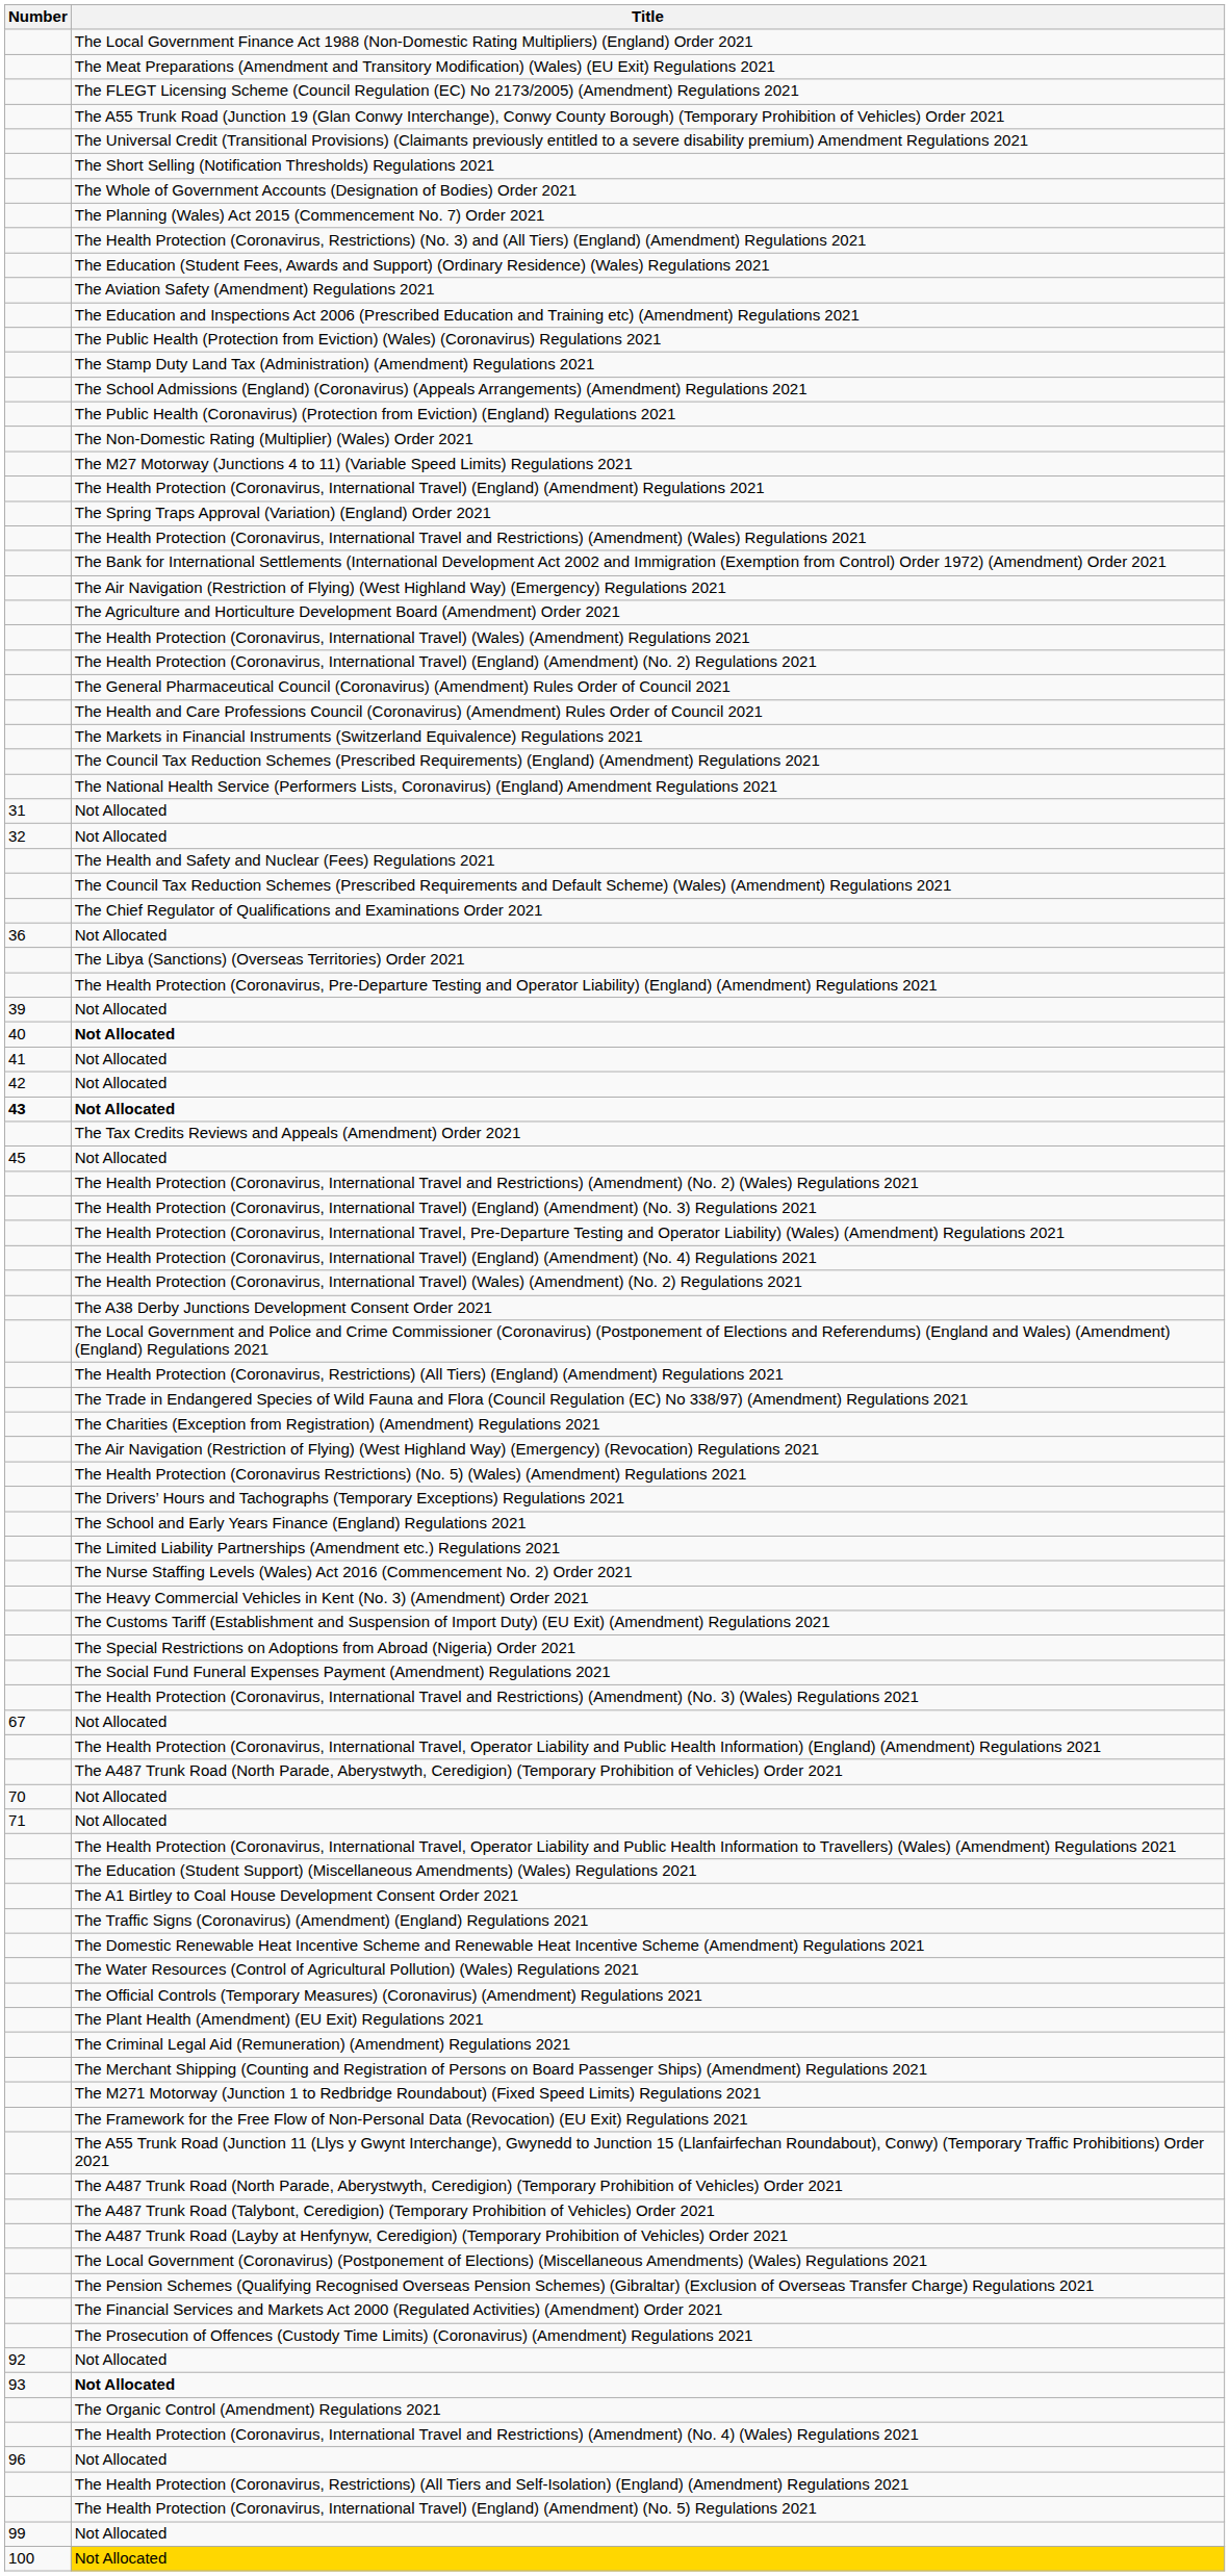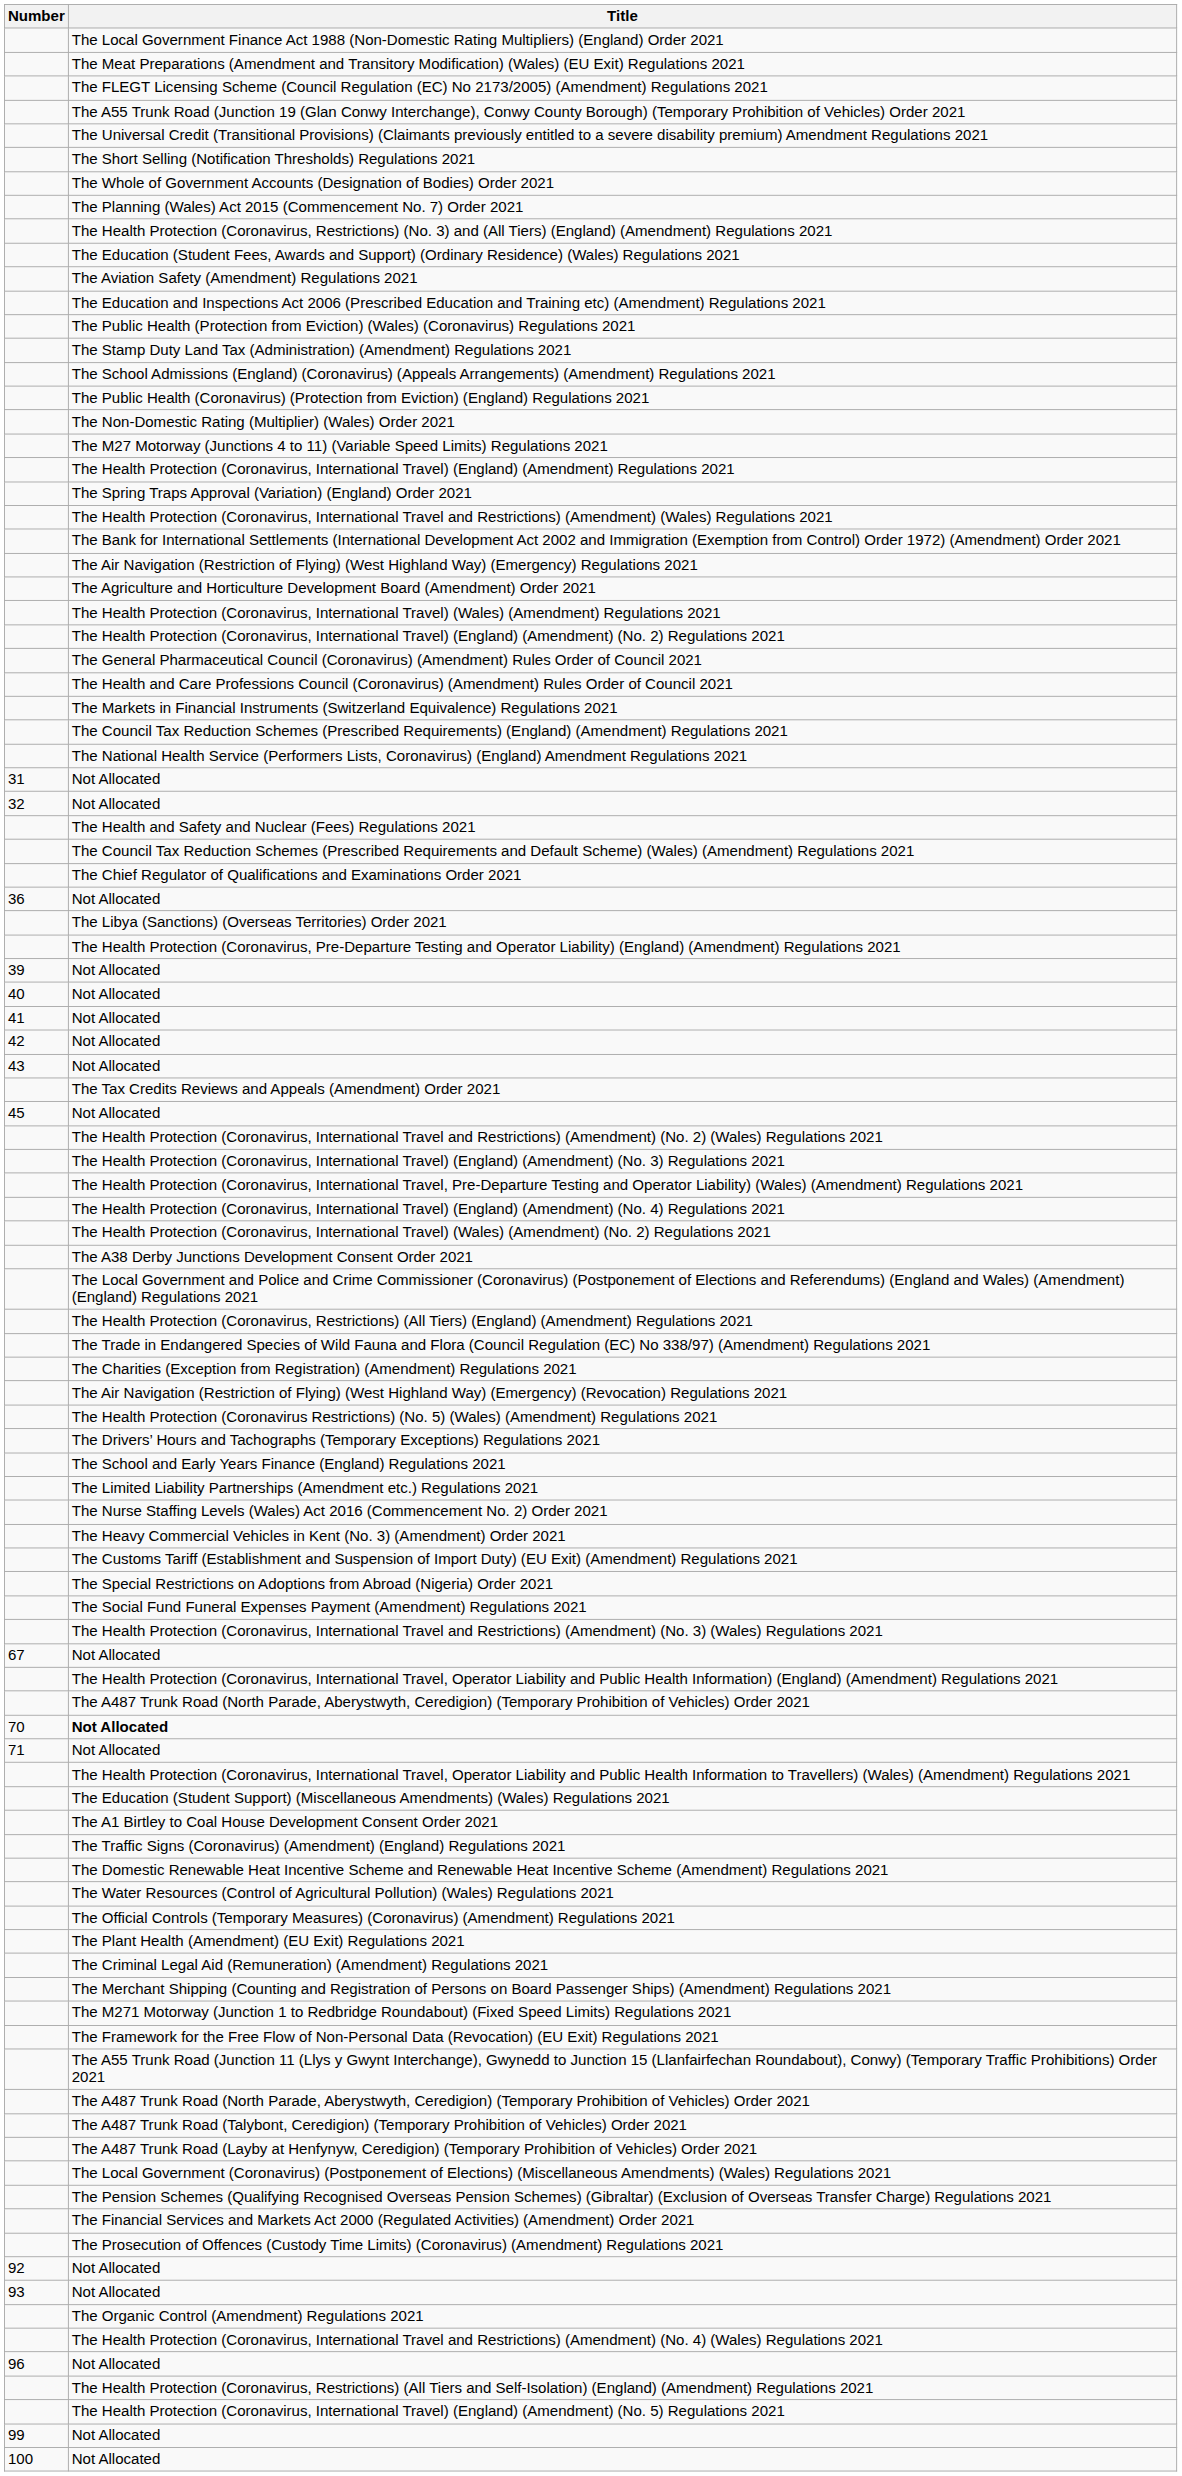 <table class="wikitable collapsible">
 <tr>
 <th>Number</th>
 <th>Title</th>
 </tr>
 <tr>
 <td></td>
 <td>The Local Government Finance Act 1988 (Non-Domestic Rating Multipliers) (England) Order 2021</td>
 </tr>
 <tr>
 <td></td>
 <td>The Meat Preparations (Amendment and Transitory Modification) (Wales) (EU Exit) Regulations 2021</td>
 </tr>
 <tr>
 <td></td>
 <td>The FLEGT Licensing Scheme (Council Regulation (EC) No 2173/2005) (Amendment) Regulations 2021</td>
 </tr>
 <tr>
 <td></td>
 <td>The A55 Trunk Road (Junction 19 (Glan Conwy Interchange), Conwy County Borough) (Temporary Prohibition of Vehicles) Order 2021</td>
 </tr>
 <tr>
 <td></td>
 <td>The Universal Credit (Transitional Provisions) (Claimants previously entitled to a severe disability premium) Amendment Regulations 2021</td>
 </tr>
 <tr>
 <td></td>
 <td>The Short Selling (Notification Thresholds) Regulations 2021</td>
 </tr>
 <tr>
 <td></td>
 <td>The Whole of Government Accounts (Designation of Bodies) Order 2021</td>
 </tr>
 <tr>
 <td></td>
 <td>The Planning (Wales) Act 2015 (Commencement No. 7) Order 2021</td>
 </tr>
 <tr>
 <td></td>
 <td>The Health Protection (Coronavirus, Restrictions) (No. 3) and (All Tiers) (England) (Amendment) Regulations 2021</td>
 </tr>
 <tr>
 <td></td>
 <td>The Education (Student Fees, Awards and Support) (Ordinary Residence) (Wales) Regulations 2021</td>
 </tr>
 <tr>
 <td></td>
 <td>The Aviation Safety (Amendment) Regulations 2021</td>
 </tr>
 <tr>
 <td></td>
 <td>The Education and Inspections Act 2006 (Prescribed Education and Training etc) (Amendment) Regulations 2021</td>
 </tr>
 <tr>
 <td></td>
 <td>The Public Health (Protection from Eviction) (Wales) (Coronavirus) Regulations 2021</td>
 </tr>
 <tr>
 <td></td>
 <td>The Stamp Duty Land Tax (Administration) (Amendment) Regulations 2021</td>
 </tr>
 <tr>
 <td></td>
 <td>The School Admissions (England) (Coronavirus) (Appeals Arrangements) (Amendment) Regulations 2021</td>
 </tr>
 <tr>
 <td></td>
 <td>The Public Health (Coronavirus) (Protection from Eviction) (England) Regulations 2021</td>
 </tr>
 <tr>
 <td></td>
 <td>The Non-Domestic Rating (Multiplier) (Wales) Order 2021</td>
 </tr>
 <tr>
 <td></td>
 <td>The M27 Motorway (Junctions 4 to 11) (Variable Speed Limits) Regulations 2021</td>
 </tr>
 <tr>
 <td></td>
 <td>The Health Protection (Coronavirus, International Travel) (England) (Amendment) Regulations 2021</td>
 </tr>
 <tr>
 <td></td>
 <td>The Spring Traps Approval (Variation) (England) Order 2021</td>
 </tr>
 <tr>
 <td></td>
 <td>The Health Protection (Coronavirus, International Travel and Restrictions) (Amendment) (Wales) Regulations 2021</td>
 </tr>
 <tr>
 <td></td>
 <td>The Bank for International Settlements (International Development Act 2002 and Immigration (Exemption from Control) Order 1972) (Amendment) Order 2021</td>
 </tr>
 <tr>
 <td></td>
 <td>The Air Navigation (Restriction of Flying) (West Highland Way) (Emergency) Regulations 2021</td>
 </tr>
 <tr>
 <td></td>
 <td>The Agriculture and Horticulture Development Board (Amendment) Order 2021</td>
 </tr>
 <tr>
 <td></td>
 <td>The Health Protection (Coronavirus, International Travel) (Wales) (Amendment) Regulations 2021</td>
 </tr>
 <tr>
 <td></td>
 <td>The Health Protection (Coronavirus, International Travel) (England) (Amendment) (No. 2) Regulations 2021</td>
 </tr>
 <tr>
 <td></td>
 <td>The General Pharmaceutical Council (Coronavirus) (Amendment) Rules Order of Council 2021</td>
 </tr>
 <tr>
 <td></td>
 <td>The Health and Care Professions Council (Coronavirus) (Amendment) Rules Order of Council 2021</td>
 </tr>
 <tr>
 <td></td>
 <td>The Markets in Financial Instruments (Switzerland Equivalence) Regulations 2021</td>
 </tr>
 <tr>
 <td></td>
 <td>The Council Tax Reduction Schemes (Prescribed Requirements) (England) (Amendment) Regulations 2021</td>
 </tr>
 <tr>
 <td></td>
 <td>The National Health Service (Performers Lists, Coronavirus) (England) Amendment Regulations 2021</td>
 </tr>
 <tr>
 <td>31</td>
 <td>Not Allocated</td>
 </tr>
 <tr>
 <td>32</td>
 <td>Not Allocated</td>
 </tr>
 <tr>
 <td></td>
 <td>The Health and Safety and Nuclear (Fees) Regulations 2021</td>
 </tr>
 <tr>
 <td></td>
 <td>The Council Tax Reduction Schemes (Prescribed Requirements and Default Scheme) (Wales) (Amendment) Regulations 2021</td>
 </tr>
 <tr>
 <td></td>
 <td>The Chief Regulator of Qualifications and Examinations Order 2021</td>
 </tr>
 <tr>
 <td>36</td>
 <td>Not Allocated</td>
 </tr>
 <tr>
 <td></td>
 <td>The Libya (Sanctions) (Overseas Territories) Order 2021</td>
 </tr>
 <tr>
 <td></td>
 <td>The Health Protection (Coronavirus, Pre-Departure Testing and Operator Liability) (England) (Amendment) Regulations 2021</td>
 </tr>
 <tr>
 <td>39</td>
 <td>Not Allocated</td>
 </tr>
 <tr>
 <td>40</td>
-<td><strong>Not Allocated</strong></td>
+<td>Not Allocated</td>
 </tr>
 <tr>
 <td>41</td>
 <td>Not Allocated</td>
 </tr>
 <tr>
 <td>42</td>
 <td>Not Allocated</td>
 </tr>
 <tr>
-<td><strong>43</strong></td>
-<td><strong>Not Allocated</strong></td>
+<td>43</td>
+<td>Not Allocated</td>
 </tr>
 <tr>
 <td></td>
 <td>The Tax Credits Reviews and Appeals (Amendment) Order 2021</td>
 </tr>
 <tr>
 <td>45</td>
 <td>Not Allocated</td>
 </tr>
 <tr>
 <td></td>
 <td>The Health Protection (Coronavirus, International Travel and Restrictions) (Amendment) (No. 2) (Wales) Regulations 2021</td>
 </tr>
 <tr>
 <td></td>
 <td>The Health Protection (Coronavirus, International Travel) (England) (Amendment) (No. 3) Regulations 2021</td>
 </tr>
 <tr>
 <td></td>
 <td>The Health Protection (Coronavirus, International Travel, Pre-Departure Testing and Operator Liability) (Wales) (Amendment) Regulations 2021</td>
 </tr>
 <tr>
 <td></td>
 <td>The Health Protection (Coronavirus, International Travel) (England) (Amendment) (No. 4) Regulations 2021</td>
 </tr>
 <tr>
 <td></td>
 <td>The Health Protection (Coronavirus, International Travel) (Wales) (Amendment) (No. 2) Regulations 2021</td>
 </tr>
 <tr>
 <td></td>
 <td>The A38 Derby Junctions Development Consent Order 2021</td>
 </tr>
 <tr>
 <td></td>
 <td>The Local Government and Police and Crime Commissioner (Coronavirus) (Postponement of Elections and Referendums) (England and Wales) (Amendment) (England) Regulations 2021</td>
 </tr>
 <tr>
 <td></td>
 <td>The Health Protection (Coronavirus, Restrictions) (All Tiers) (England) (Amendment) Regulations 2021</td>
 </tr>
 <tr>
 <td></td>
 <td>The Trade in Endangered Species of Wild Fauna and Flora (Council Regulation (EC) No 338/97) (Amendment) Regulations 2021</td>
 </tr>
 <tr>
 <td></td>
 <td>The Charities (Exception from Registration) (Amendment) Regulations 2021</td>
 </tr>
 <tr>
 <td></td>
 <td>The Air Navigation (Restriction of Flying) (West Highland Way) (Emergency) (Revocation) Regulations 2021</td>
 </tr>
 <tr>
 <td></td>
 <td>The Health Protection (Coronavirus Restrictions) (No. 5) (Wales) (Amendment) Regulations 2021</td>
 </tr>
 <tr>
 <td></td>
 <td>The Drivers’ Hours and Tachographs (Temporary Exceptions) Regulations 2021</td>
 </tr>
 <tr>
 <td></td>
 <td>The School and Early Years Finance (England) Regulations 2021</td>
 </tr>
 <tr>
 <td></td>
 <td>The Limited Liability Partnerships (Amendment etc.) Regulations 2021</td>
 </tr>
 <tr>
 <td></td>
 <td>The Nurse Staffing Levels (Wales) Act 2016 (Commencement No. 2) Order 2021</td>
 </tr>
 <tr>
 <td></td>
 <td>The Heavy Commercial Vehicles in Kent (No. 3) (Amendment) Order 2021</td>
 </tr>
 <tr>
 <td></td>
 <td>The Customs Tariff (Establishment and Suspension of Import Duty) (EU Exit) (Amendment) Regulations 2021</td>
 </tr>
 <tr>
 <td></td>
 <td>The Special Restrictions on Adoptions from Abroad (Nigeria) Order 2021</td>
 </tr>
 <tr>
 <td></td>
 <td>The Social Fund Funeral Expenses Payment (Amendment) Regulations 2021</td>
 </tr>
 <tr>
 <td></td>
 <td>The Health Protection (Coronavirus, International Travel and Restrictions) (Amendment) (No. 3) (Wales) Regulations 2021</td>
 </tr>
 <tr>
 <td>67</td>
 <td>Not Allocated</td>
 </tr>
 <tr>
 <td></td>
 <td>The Health Protection (Coronavirus, International Travel, Operator Liability and Public Health Information) (England) (Amendment) Regulations 2021</td>
 </tr>
 <tr>
 <td></td>
 <td>The A487 Trunk Road (North Parade, Aberystwyth, Ceredigion) (Temporary Prohibition of Vehicles) Order 2021</td>
 </tr>
 <tr>
 <td>70</td>
-<td>Not Allocated</td>
+<td><strong>Not Allocated</strong></td>
 </tr>
 <tr>
 <td>71</td>
 <td>Not Allocated</td>
 </tr>
 <tr>
 <td></td>
 <td>The Health Protection (Coronavirus, International Travel, Operator Liability and Public Health Information to Travellers) (Wales) (Amendment) Regulations 2021</td>
 </tr>
 <tr>
 <td></td>
 <td>The Education (Student Support) (Miscellaneous Amendments) (Wales) Regulations 2021</td>
 </tr>
 <tr>
 <td></td>
 <td>The A1 Birtley to Coal House Development Consent Order 2021</td>
 </tr>
 <tr>
 <td></td>
 <td>The Traffic Signs (Coronavirus) (Amendment) (England) Regulations 2021</td>
 </tr>
 <tr>
 <td></td>
 <td>The Domestic Renewable Heat Incentive Scheme and Renewable Heat Incentive Scheme (Amendment) Regulations 2021</td>
 </tr>
 <tr>
 <td></td>
 <td>The Water Resources (Control of Agricultural Pollution) (Wales) Regulations 2021</td>
 </tr>
 <tr>
 <td></td>
 <td>The Official Controls (Temporary Measures) (Coronavirus) (Amendment) Regulations 2021</td>
 </tr>
 <tr>
 <td></td>
 <td>The Plant Health (Amendment) (EU Exit) Regulations 2021</td>
 </tr>
 <tr>
 <td></td>
 <td>The Criminal Legal Aid (Remuneration) (Amendment) Regulations 2021</td>
 </tr>
 <tr>
 <td></td>
 <td>The Merchant Shipping (Counting and Registration of Persons on Board Passenger Ships) (Amendment) Regulations 2021</td>
 </tr>
 <tr>
 <td></td>
 <td>The M271 Motorway (Junction 1 to Redbridge Roundabout) (Fixed Speed Limits) Regulations 2021</td>
 </tr>
 <tr>
 <td></td>
 <td>The Framework for the Free Flow of Non-Personal Data (Revocation) (EU Exit) Regulations 2021</td>
 </tr>
 <tr>
 <td></td>
 <td>The A55 Trunk Road (Junction 11 (Llys y Gwynt Interchange), Gwynedd to Junction 15 (Llanfairfechan Roundabout), Conwy) (Temporary Traffic Prohibitions) Order 2021</td>
 </tr>
 <tr>
 <td></td>
 <td>The A487 Trunk Road (North Parade, Aberystwyth, Ceredigion) (Temporary Prohibition of Vehicles) Order 2021</td>
 </tr>
 <tr>
 <td></td>
 <td>The A487 Trunk Road (Talybont, Ceredigion) (Temporary Prohibition of Vehicles) Order 2021</td>
 </tr>
 <tr>
 <td></td>
 <td>The A487 Trunk Road (Layby at Henfynyw, Ceredigion) (Temporary Prohibition of Vehicles) Order 2021</td>
 </tr>
 <tr>
 <td></td>
 <td>The Local Government (Coronavirus) (Postponement of Elections) (Miscellaneous Amendments) (Wales) Regulations 2021</td>
 </tr>
 <tr>
 <td></td>
 <td>The Pension Schemes (Qualifying Recognised Overseas Pension Schemes) (Gibraltar) (Exclusion of Overseas Transfer Charge) Regulations 2021</td>
 </tr>
 <tr>
 <td></td>
 <td>The Financial Services and Markets Act 2000 (Regulated Activities) (Amendment) Order 2021</td>
 </tr>
 <tr>
 <td></td>
 <td>The Prosecution of Offences (Custody Time Limits) (Coronavirus) (Amendment) Regulations 2021</td>
 </tr>
 <tr>
 <td>92</td>
 <td>Not Allocated</td>
 </tr>
 <tr>
 <td>93</td>
-<td><strong>Not Allocated</strong></td>
+<td>Not Allocated</td>
 </tr>
 <tr>
 <td></td>
 <td>The Organic Control (Amendment) Regulations 2021</td>
 </tr>
 <tr>
 <td></td>
 <td>The Health Protection (Coronavirus, International Travel and Restrictions) (Amendment) (No. 4) (Wales) Regulations 2021</td>
 </tr>
 <tr>
 <td>96</td>
 <td>Not Allocated</td>
 </tr>
 <tr>
 <td></td>
 <td>The Health Protection (Coronavirus, Restrictions) (All Tiers and Self-Isolation) (England) (Amendment) Regulations 2021</td>
 </tr>
 <tr>
 <td></td>
 <td>The Health Protection (Coronavirus, International Travel) (England) (Amendment) (No. 5) Regulations 2021</td>
 </tr>
 <tr>
 <td>99</td>
 <td>Not Allocated</td>
 </tr>
 <tr>
 <td>100</td>
-<td style="background: gold;">Not Allocated</td>
+<td>Not Allocated</td>
 </tr>
 </table>
